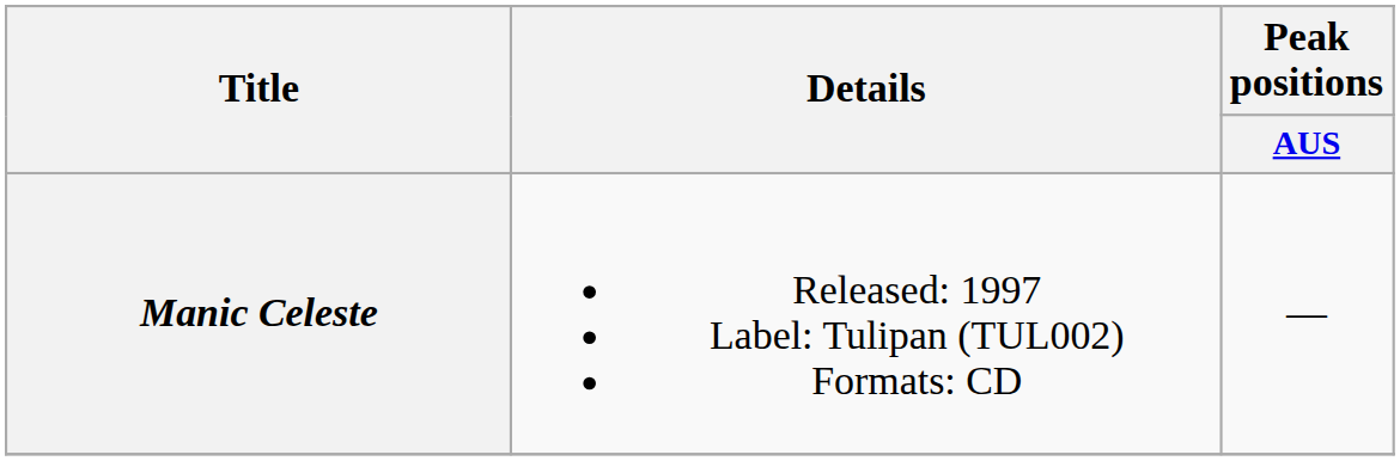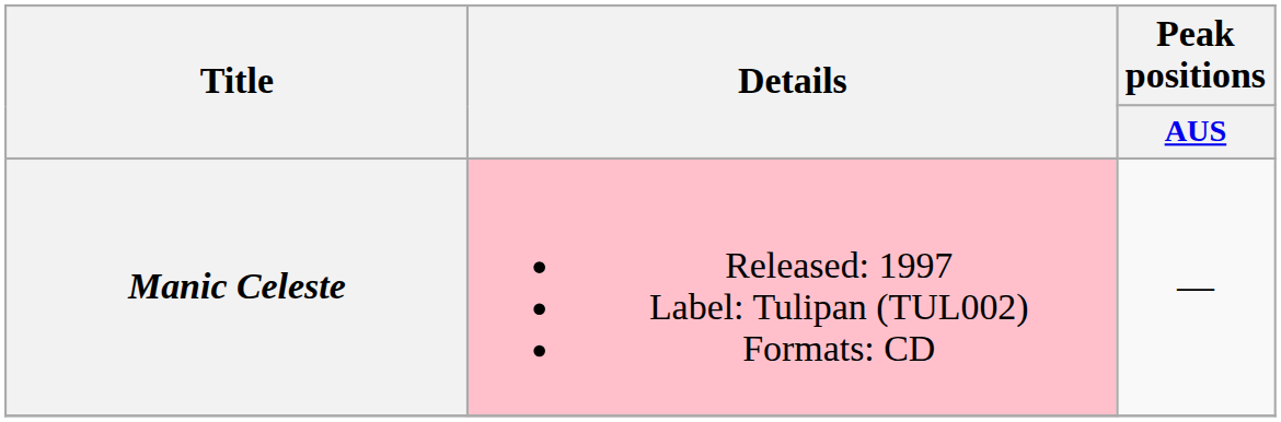 <table class="wikitable plainrowheaders" style="text-align:center;">
 <tr>
 <th rowspan="2" style="width:12em;">Title</th>
 <th rowspan="2" style="width:17em;">Details</th>
 <th colspan="1">Peak positions</th>
 </tr>
 <tr style="font-size:smaller;">
 <th width="50"><a href='#'>AUS</a><br></th>
 </tr>
 <tr>
 <th scope="row"><em>Manic Celeste</em></th>
-<td><br><ul><li>Released: 1997</li><li>Label: Tulipan (TUL002)</li><li>Formats: CD</li></ul></td>
+<td style="background: pink;"><br><ul><li>Released: 1997</li><li>Label: Tulipan (TUL002)</li><li>Formats: CD</li></ul></td>
 <td>—</td>
 </tr>
 <tr>
 </tr>
 </table>
